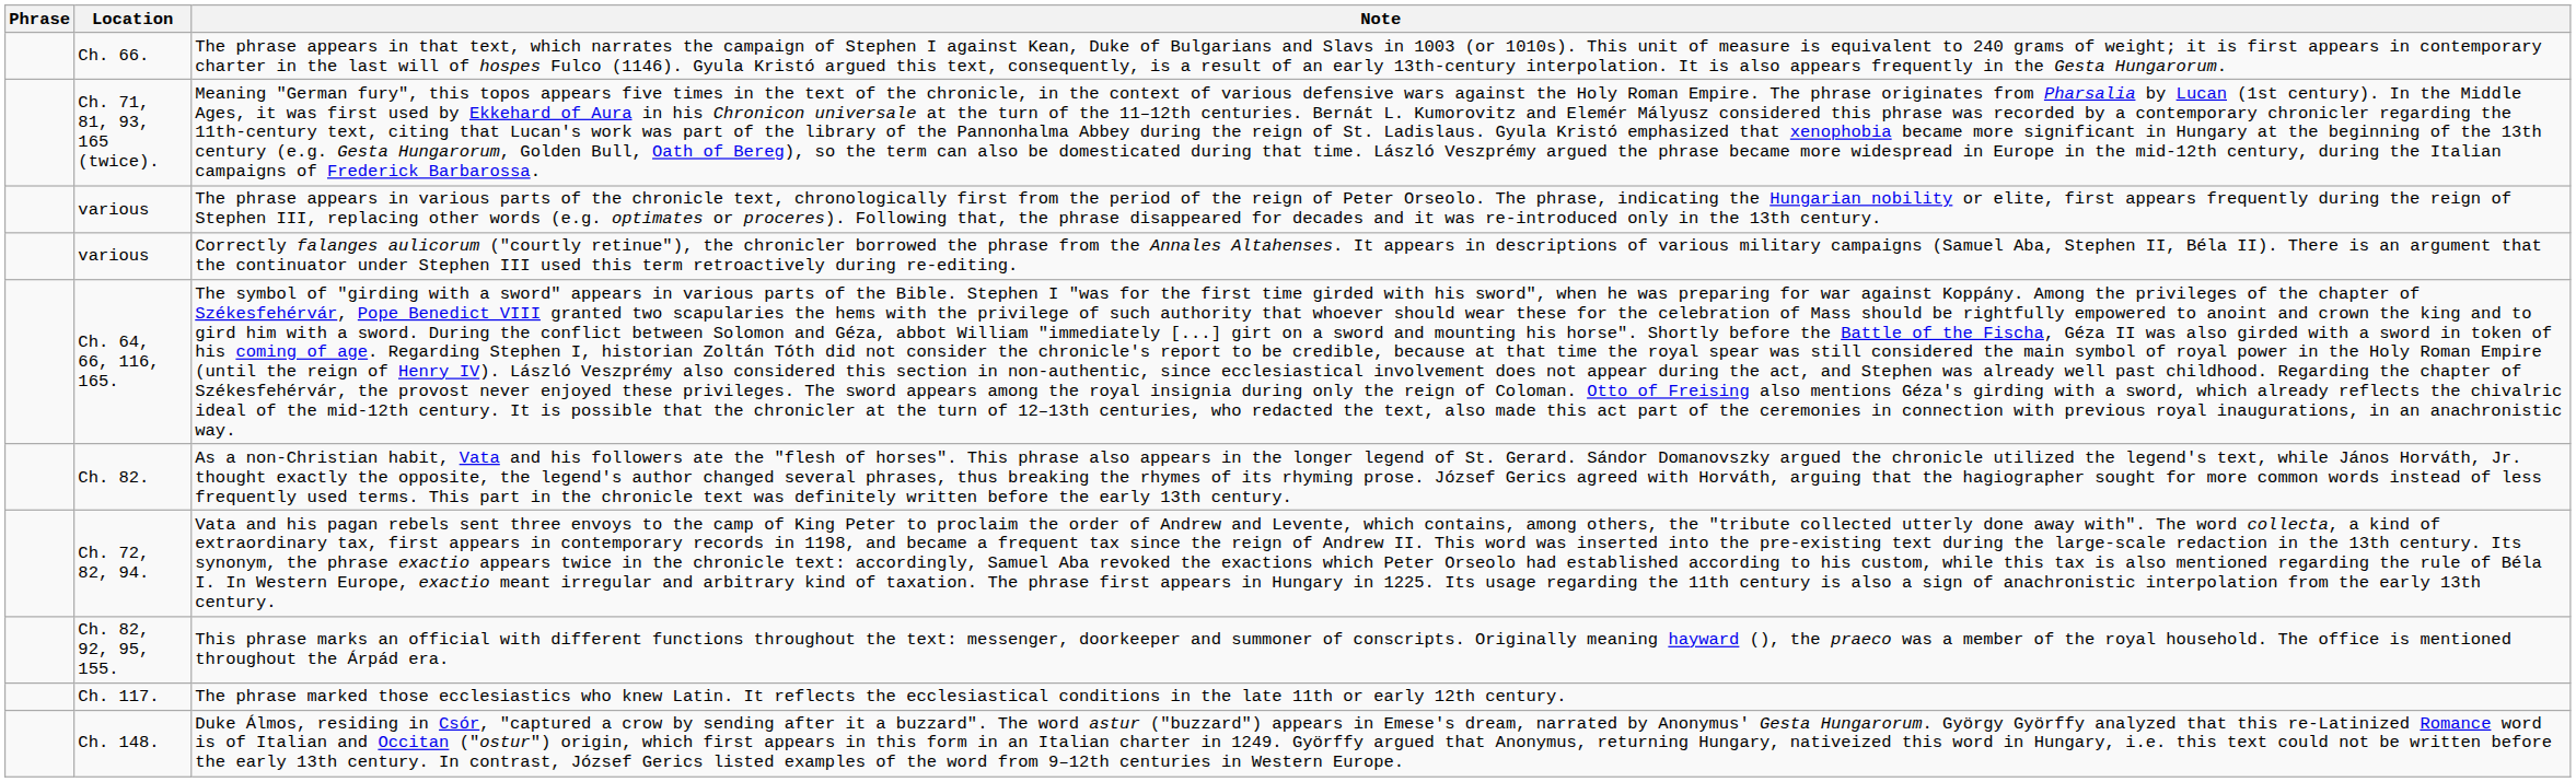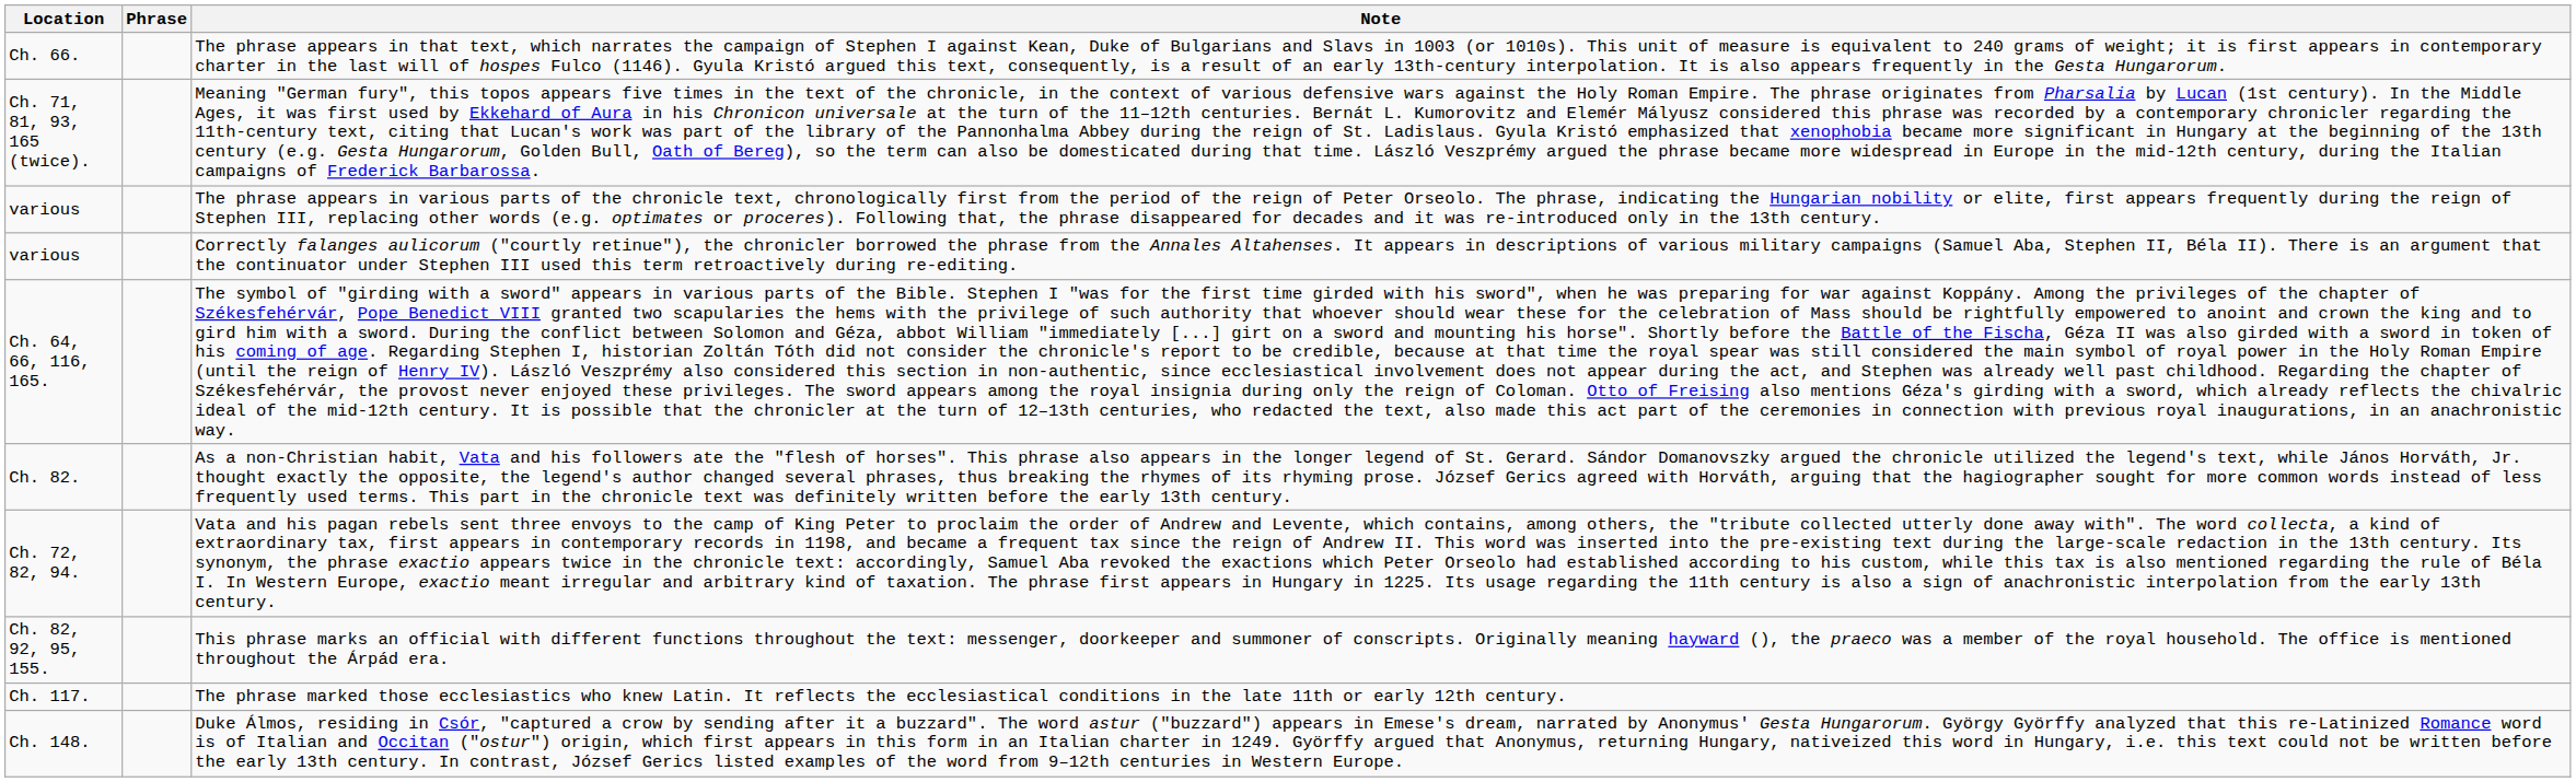 <table class="wikitable">
 <tr>
+<th>Location</th>
 <th>Phrase</th>
-<th>Location</th>
 <th>Note</th>
 </tr>
 <tr>
+<td>Ch. 66.</td>
 <td></td>
-<td>Ch. 66.</td>
 <td>The phrase appears in that text, which narrates the campaign of Stephen I against Kean, Duke of Bulgarians and Slavs in 1003 (or 1010s). This unit of measure is equivalent to 240 grams of weight; it is first appears in contemporary charter in the last will of <em>hospes</em> Fulco (1146). Gyula Kristó argued this text, consequently, is a result of an early 13th-century interpolation. It is also appears frequently in the <em>Gesta Hungarorum</em>.</td>
 </tr>
 <tr>
+<td>Ch. 71, 81, 93, 165 (twice).</td>
 <td></td>
-<td>Ch. 71, 81, 93, 165 (twice).</td>
 <td>Meaning "German fury", this topos appears five times in the text of the chronicle, in the context of various defensive wars against the Holy Roman Empire. The phrase originates from <em><a href='#'>Pharsalia</a></em> by <a href='#'>Lucan</a> (1st century). In the Middle Ages, it was first used by <a href='#'>Ekkehard of Aura</a> in his <em>Chronicon universale</em> at the turn of the 11–12th centuries. Bernát L. Kumorovitz and Elemér Mályusz considered this phrase was recorded by a contemporary chronicler regarding the 11th-century text, citing that Lucan's work was part of the library of the Pannonhalma Abbey during the reign of St. Ladislaus. Gyula Kristó emphasized that <a href='#'>xenophobia</a> became more significant in Hungary at the beginning of the 13th century (e.g. <em>Gesta Hungarorum</em>, Golden Bull, <a href='#'>Oath of Bereg</a>), so the term can also be domesticated during that time. László Veszprémy argued the phrase became more widespread in Europe in the mid-12th century, during the Italian campaigns of <a href='#'>Frederick Barbarossa</a>.</td>
 </tr>
 <tr>
+<td>various</td>
 <td></td>
-<td>various</td>
 <td>The phrase appears in various parts of the chronicle text, chronologically first from the period of the reign of Peter Orseolo. The phrase, indicating the <a href='#'>Hungarian nobility</a> or elite, first appears frequently during the reign of Stephen III, replacing other words (e.g. <em>optimates</em> or <em>proceres</em>). Following that, the phrase disappeared for decades and it was re-introduced only in the 13th century.</td>
 </tr>
 <tr>
+<td>various</td>
 <td></td>
-<td>various</td>
 <td>Correctly <em>falanges aulicorum</em> ("courtly retinue"), the chronicler borrowed the phrase from the <em>Annales Altahenses</em>. It appears in descriptions of various military campaigns (Samuel Aba, Stephen II, Béla II). There is an argument that the continuator under Stephen III used this term retroactively during re-editing.</td>
 </tr>
 <tr>
+<td>Ch. 64, 66, 116, 165.</td>
 <td></td>
-<td>Ch. 64, 66, 116, 165.</td>
 <td>The symbol of "girding with a sword" appears in various parts of the Bible. Stephen I  "was for the first time girded with his sword", when he was preparing for war against Koppány. Among the privileges of the chapter of <a href='#'>Székesfehérvár</a>, <a href='#'>Pope Benedict VIII</a> granted two scapularies the hems with the privilege of such authority that whoever should wear these for the celebration of Mass should be rightfully empowered to anoint and crown the king and to gird him with a sword. During the conflict between Solomon and Géza, abbot William "immediately [...] girt on a sword and mounting his horse". Shortly before the <a href='#'>Battle of the Fischa</a>, Géza II was also girded with a sword in token of his <a href='#'>coming of age</a>. Regarding Stephen I, historian Zoltán Tóth did not consider the chronicle's report to be credible, because at that time the royal spear was still considered the main symbol of royal power in the Holy Roman Empire (until the reign of <a href='#'>Henry IV</a>). László Veszprémy also considered this section in non-authentic, since ecclesiastical involvement does not appear during the act, and Stephen was already well past childhood. Regarding the chapter of Székesfehérvár, the provost never enjoyed these privileges. The sword appears among the royal insignia during only the reign of Coloman. <a href='#'>Otto of Freising</a> also mentions Géza's girding with a sword, which already reflects the chivalric ideal of the mid-12th century. It is possible that the chronicler at the turn of 12–13th centuries, who redacted the text, also made this act part of the ceremonies in connection with previous royal inaugurations, in an anachronistic way.</td>
 </tr>
 <tr>
+<td>Ch. 82.</td>
 <td></td>
-<td>Ch. 82.</td>
 <td>As a non-Christian habit, <a href='#'>Vata</a> and his followers ate the "flesh of horses". This phrase also appears in the longer legend of St. Gerard. Sándor Domanovszky argued the chronicle utilized the legend's text, while János Horváth, Jr. thought exactly the opposite, the legend's author changed several phrases, thus breaking the rhymes of its rhyming prose. József Gerics agreed with Horváth, arguing that the hagiographer sought for more common words instead of less frequently used terms. This part in the chronicle text was definitely written before the early 13th century.</td>
 </tr>
 <tr>
+<td>Ch. 72, 82, 94.</td>
 <td></td>
-<td>Ch. 72, 82, 94.</td>
 <td>Vata and his pagan rebels sent three envoys to the camp of King Peter to proclaim the order of Andrew and Levente, which contains, among others, the "tribute collected utterly done away with". The word <em>collecta</em>, a kind of extraordinary tax, first appears in contemporary records in 1198, and became a frequent tax since the reign of Andrew II. This word was inserted into the pre-existing text during the large-scale redaction in the 13th century. Its synonym, the phrase <em>exactio</em> appears twice in the chronicle text: accordingly, Samuel Aba revoked the exactions which Peter Orseolo had established according to his custom, while this tax is also mentioned regarding the rule of Béla I. In Western Europe, <em>exactio</em> meant irregular and arbitrary kind of taxation. The phrase first appears in Hungary in 1225. Its usage regarding the 11th century is also a sign of anachronistic interpolation from the early 13th century.</td>
 </tr>
 <tr>
+<td>Ch. 82, 92, 95, 155.</td>
 <td></td>
-<td>Ch. 82, 92, 95, 155.</td>
 <td>This phrase marks an official with different functions throughout the text: messenger, doorkeeper and summoner of conscripts. Originally meaning <a href='#'>hayward</a> (), the <em>praeco</em> was a member of the royal household. The office is mentioned throughout the Árpád era.</td>
 </tr>
 <tr>
+<td>Ch. 117.</td>
 <td></td>
-<td>Ch. 117.</td>
 <td>The phrase marked those ecclesiastics who knew Latin. It reflects the ecclesiastical conditions in the late 11th or early 12th century.</td>
 </tr>
 <tr>
+<td>Ch. 148.</td>
 <td></td>
-<td>Ch. 148.</td>
 <td>Duke Álmos, residing in <a href='#'>Csór</a>, "captured a crow by sending after it a buzzard". The word <em>astur</em> ("buzzard") appears in Emese's dream, narrated by Anonymus' <em>Gesta Hungarorum</em>. György Györffy analyzed that this re-Latinized <a href='#'>Romance</a> word is of Italian and <a href='#'>Occitan</a> ("<em>ostur</em>") origin, which first appears in this form in an Italian charter in 1249. Györffy argued that Anonymus, returning Hungary, nativeized this word in Hungary, i.e. this text could not be written before the early 13th century. In contrast, József Gerics listed examples of the word from 9–12th centuries in Western Europe.</td>
 </tr>
 </table>
